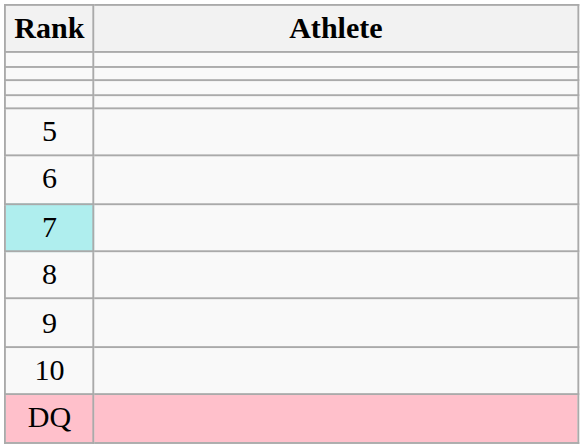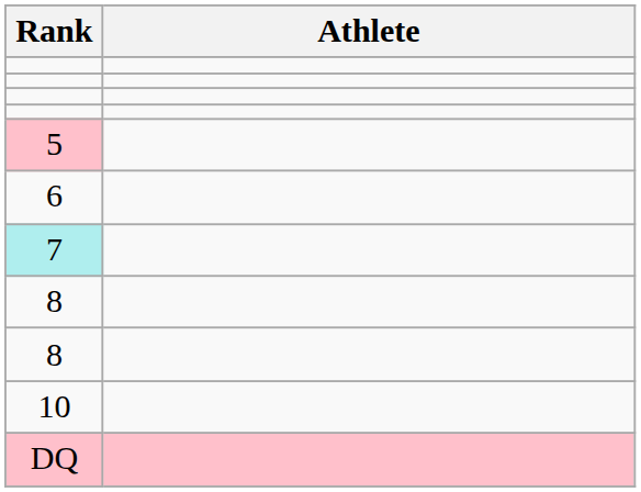 <table class="wikitable" style="text-align: center;">
 <tr>
 <th width=40>Rank</th>
 <th width=250>Athlete</th>
 </tr>
 <tr>
 <td></td>
 <td align=left></td>
 </tr>
 <tr>
 <td></td>
 <td align=left></td>
 </tr>
 <tr>
 <td></td>
 <td align=left></td>
 </tr>
 <tr>
 <td></td>
 <td align=left></td>
 </tr>
 <tr>
-<td>5</td>
+<td style="background: pink;">5</td>
 <td align=left></td>
 </tr>
 <tr>
 <td>6</td>
 <td align=left></td>
 </tr>
 <tr>
 <td style="background: paleturquoise;">7</td>
 <td align=left></td>
 </tr>
 <tr>
 <td>8</td>
 <td align=left></td>
 </tr>
 <tr>
-<td>9</td>
+<td>8</td>
 <td align=left></td>
 </tr>
 <tr>
 <td>10</td>
 <td align=left></td>
 </tr>
 <tr bgcolor=pink>
 <td>DQ</td>
 <td align=left></td>
 </tr>
 </table>
